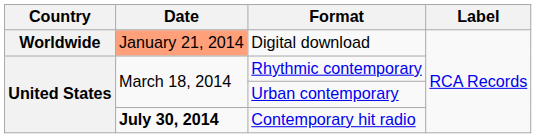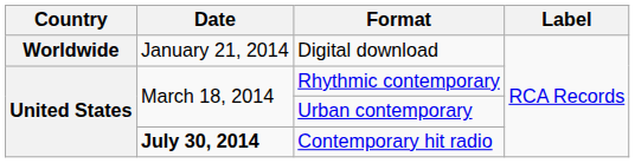 <table class="wikitable plainrowheaders">
 <tr>
 <th scope="col">Country</th>
 <th scope="col">Date</th>
 <th scope="col">Format</th>
 <th scope="col">Label</th>
 </tr>
 <tr>
 <th scope="row">Worldwide</th>
-<td style="background: lightsalmon;">January 21, 2014</td>
+<td>January 21, 2014</td>
 <td>Digital download</td>
 <td rowspan="4"><a href='#'>RCA Records</a></td>
 </tr>
 <tr>
 <th scope="row" rowspan="3">United States</th>
 <td rowspan="2">March 18, 2014</td>
 <td><a href='#'>Rhythmic contemporary</a></td>
 </tr>
 <tr>
 <td><a href='#'>Urban contemporary</a></td>
 </tr>
 <tr>
 <td><strong>July 30, 2014</strong></td>
 <td><a href='#'>Contemporary hit radio</a></td>
 </tr>
 </table>
